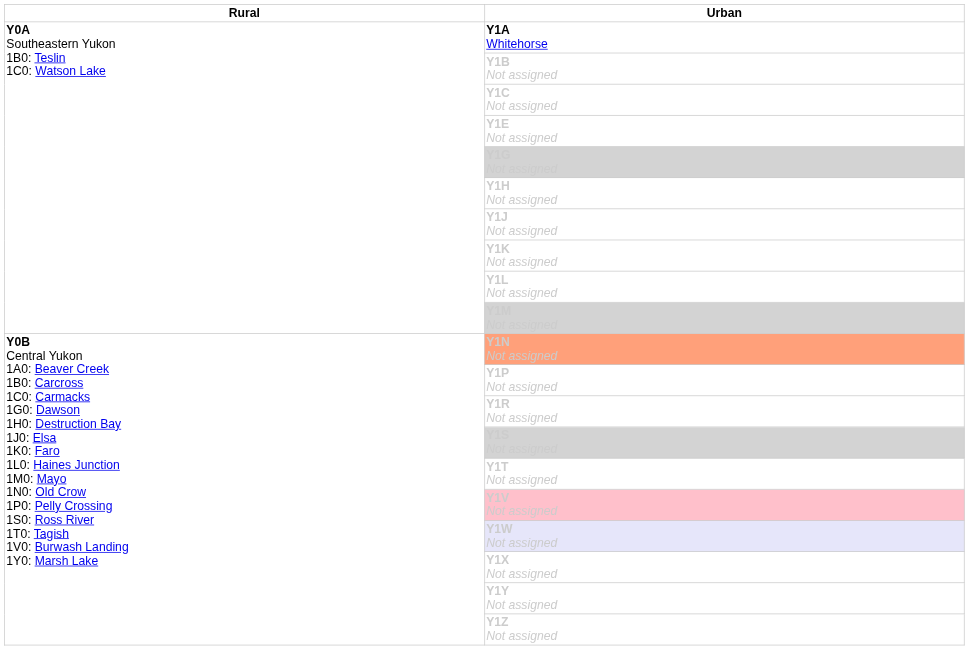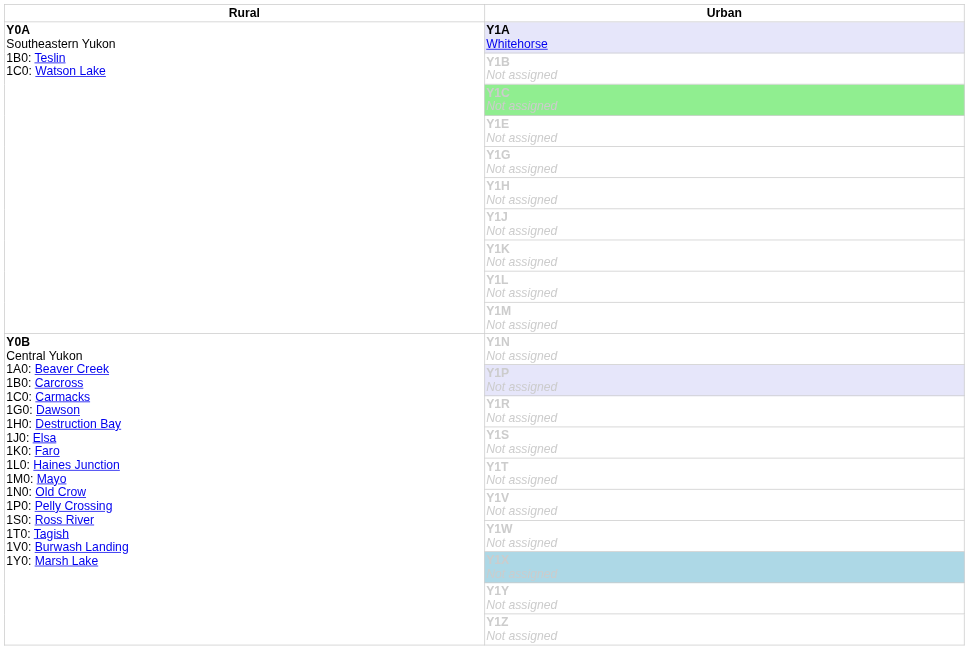 <table rules="all" width=100% cellspacing=0 cellpadding=2 style="border-collapse: collapse; border: 1px solid #ccc;">
 <tr>
 <th>Rural</th>
 <th>Urban</th>
 </tr>
 <tr>
 <td rowspan=10 width=50% valign=top><span><strong>Y0A</strong><br>Southeastern Yukon</span><br><span>1B0: <a href='#'>Teslin</a><br>1C0: <a href='#'>Watson Lake</a></span></td>
-<td width=50% valign=top><span><strong>Y1A</strong><br><a href='#'>Whitehorse</a></span></td>
+<td width=50% valign=top style="background: lavender;"><span><strong>Y1A</strong><br><a href='#'>Whitehorse</a></span></td>
 </tr>
 <tr>
 <td width=50% valign=top style="color: #CCC;"><span><strong>Y1B</strong><br><em>Not assigned</em></span></td>
 </tr>
 <tr>
-<td width=50% valign=top style="color: #CCC;"><span><strong>Y1C</strong><br><em>Not assigned</em></span></td>
+<td width=50% valign=top style="background: lightgreen; color: #CCC;"><span><strong>Y1C</strong><br><em>Not assigned</em></span></td>
 </tr>
 <tr>
 <td width=50% valign=top style="color: #CCC;"><span><strong>Y1E</strong><br><em>Not assigned</em></span></td>
 </tr>
 <tr>
-<td width=50% valign=top style="background: lightgrey; color: #CCC;"><span><strong>Y1G</strong><br><em>Not assigned</em></span></td>
+<td width=50% valign=top style="color: #CCC;"><span><strong>Y1G</strong><br><em>Not assigned</em></span></td>
 </tr>
 <tr>
 <td width=50% valign=top style="color: #CCC;"><span><strong>Y1H</strong><br><em>Not assigned</em></span></td>
 </tr>
 <tr>
 <td width=50% valign=top style="color: #CCC;"><span><strong>Y1J</strong><br><em>Not assigned</em></span></td>
 </tr>
 <tr>
 <td width=50% valign=top style="color: #CCC;"><span><strong>Y1K</strong><br><em>Not assigned</em></span></td>
 </tr>
 <tr>
 <td width=50% valign=top style="color: #CCC;"><span><strong>Y1L</strong><br><em>Not assigned</em></span></td>
 </tr>
 <tr>
-<td width=50% valign=top style="background: lightgrey; color: #CCC;"><span><strong>Y1M</strong><br><em>Not assigned</em></span></td>
+<td width=50% valign=top style="color: #CCC;"><span><strong>Y1M</strong><br><em>Not assigned</em></span></td>
 </tr>
 <tr>
 <td rowspan=10 width=50% valign=top><span><strong>Y0B</strong><br>Central Yukon</span><br><span>1A0: <a href='#'>Beaver Creek</a><br>1B0: <a href='#'>Carcross</a><br>1C0: <a href='#'>Carmacks</a><br>1G0: <a href='#'>Dawson</a><br>1H0: <a href='#'>Destruction Bay</a><br>1J0: <a href='#'>Elsa</a><br>1K0: <a href='#'>Faro</a><br>1L0: <a href='#'>Haines Junction</a><br>1M0: <a href='#'>Mayo</a><br>1N0: <a href='#'>Old Crow</a><br>1P0: <a href='#'>Pelly Crossing</a><br>1S0: <a href='#'>Ross River</a><br>1T0: <a href='#'>Tagish</a><br>1V0: <a href='#'>Burwash Landing</a><br>1Y0: <a href='#'>Marsh Lake</a></span></td>
-<td width=50% valign=top style="background: lightsalmon; color: #CCC;"><span><strong>Y1N</strong><br><em>Not assigned</em></span></td>
+<td width=50% valign=top style="color: #CCC;"><span><strong>Y1N</strong><br><em>Not assigned</em></span></td>
 </tr>
 <tr>
-<td width=50% valign=top style="color: #CCC;"><span><strong>Y1P</strong><br><em>Not assigned</em></span></td>
+<td width=50% valign=top style="background: lavender; color: #CCC;"><span><strong>Y1P</strong><br><em>Not assigned</em></span></td>
 </tr>
 <tr>
 <td width=50% valign=top style="color: #CCC;"><span><strong>Y1R</strong><br><em>Not assigned</em></span></td>
 </tr>
 <tr>
-<td width=50% valign=top style="background: lightgrey; color: #CCC;"><span><strong>Y1S</strong><br><em>Not assigned</em></span></td>
+<td width=50% valign=top style="color: #CCC;"><span><strong>Y1S</strong><br><em>Not assigned</em></span></td>
 </tr>
 <tr>
 <td width=50% valign=top style="color: #CCC;"><span><strong>Y1T</strong><br><em>Not assigned</em></span></td>
 </tr>
 <tr>
-<td width=50% valign=top style="background: pink; color: #CCC;"><span><strong>Y1V</strong><br><em>Not assigned</em></span></td>
+<td width=50% valign=top style="color: #CCC;"><span><strong>Y1V</strong><br><em>Not assigned</em></span></td>
 </tr>
 <tr>
-<td width=50% valign=top style="background: lavender; color: #CCC;"><span><strong>Y1W</strong><br><em>Not assigned</em></span></td>
+<td width=50% valign=top style="color: #CCC;"><span><strong>Y1W</strong><br><em>Not assigned</em></span></td>
 </tr>
 <tr>
-<td width=50% valign=top style="color: #CCC;"><span><strong>Y1X</strong><br><em>Not assigned</em></span></td>
+<td width=50% valign=top style="background: lightblue; color: #CCC;"><span><strong>Y1X</strong><br><em>Not assigned</em></span></td>
 </tr>
 <tr>
 <td width=50% valign=top style="color: #CCC;"><span><strong>Y1Y</strong><br><em>Not assigned</em></span></td>
 </tr>
 <tr>
 <td width=50% valign=top style="color: #CCC;"><span><strong>Y1Z</strong><br><em>Not assigned</em></span></td>
 </tr>
 </table>
